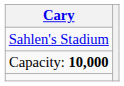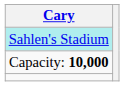 <table class="wikitable" style="text-align:center; margin-left:auto; margin-right:auto; border:none;">
 <tr>
 <th><a href='#'>Cary</a></th>
 <th rowspan="4"></th>
 </tr>
 <tr>
-<td><a href='#'>Sahlen's Stadium</a></td>
+<td style="background: paleturquoise;"><a href='#'>Sahlen's Stadium</a></td>
 </tr>
 <tr>
 <td>Capacity: <strong>10,000</strong></td>
 </tr>
 <tr>
 <td></td>
 </tr>
 </table>
